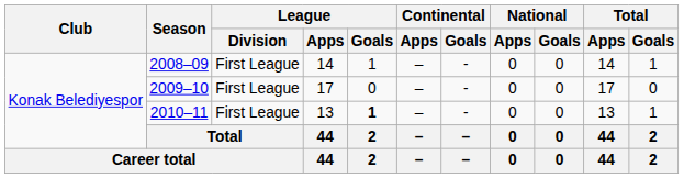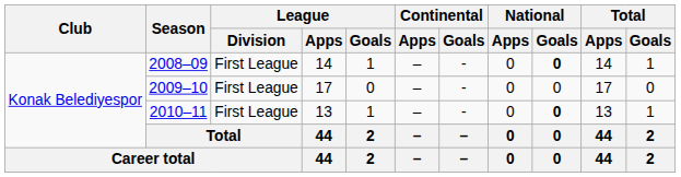 <table class="wikitable" style="text-align: center;">
 <tr>
 <th rowspan=2>Club</th>
 <th rowspan=2>Season</th>
 <th colspan=3>League</th>
 <th colspan=2>Continental</th>
 <th colspan=2>National</th>
 <th colspan=2>Total</th>
 </tr>
 <tr>
 <th>Division</th>
 <th>Apps</th>
 <th>Goals</th>
 <th>Apps</th>
 <th>Goals</th>
 <th>Apps</th>
 <th>Goals</th>
 <th>Apps</th>
 <th>Goals</th>
 </tr>
 <tr>
 <td rowspan=4><a href='#'>Konak Belediyespor</a></td>
 <td><a href='#'>2008–09</a></td>
 <td>First League</td>
 <td>14</td>
 <td>1</td>
 <td>–</td>
 <td>-</td>
 <td>0</td>
-<td>0</td>
+<td><strong>0</strong></td>
 <td>14</td>
 <td>1</td>
 </tr>
 <tr>
 <td><a href='#'>2009–10</a></td>
 <td>First League</td>
 <td>17</td>
 <td>0</td>
 <td>–</td>
 <td>-</td>
 <td>0</td>
 <td>0</td>
 <td>17</td>
 <td>0</td>
 </tr>
 <tr>
 <td><a href='#'>2010–11</a></td>
 <td>First League</td>
 <td>13</td>
-<td><strong>1</strong></td>
+<td>1</td>
 <td>–</td>
 <td>-</td>
 <td>0</td>
-<td>0</td>
+<td><strong>0</strong></td>
 <td>13</td>
 <td>1</td>
 </tr>
 <tr>
 <th colspan=2>Total</th>
 <th>44</th>
 <th>2</th>
 <th>–</th>
 <th>–</th>
 <th>0</th>
 <th>0</th>
 <th>44</th>
 <th>2</th>
 </tr>
 <tr>
 <th colspan="3">Career total</th>
 <th>44</th>
 <th>2</th>
 <th>–</th>
 <th>–</th>
 <th>0</th>
 <th>0</th>
 <th>44</th>
 <th>2</th>
 </tr>
 </table>
